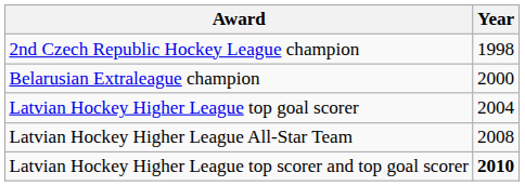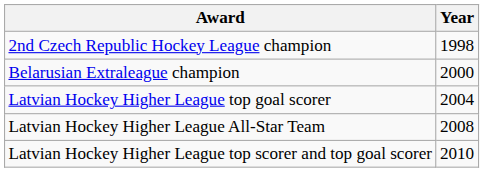 <table class="wikitable">
 <tr>
 <th>Award</th>
 <th>Year</th>
 </tr>
 <tr>
 <td><a href='#'>2nd Czech Republic Hockey League</a> champion</td>
 <td>1998</td>
 </tr>
 <tr>
 <td><a href='#'>Belarusian Extraleague</a> champion</td>
 <td>2000</td>
 </tr>
 <tr>
 <td><a href='#'>Latvian Hockey Higher League</a> top goal scorer</td>
 <td>2004</td>
 </tr>
 <tr>
 <td>Latvian Hockey Higher League All-Star Team</td>
 <td>2008</td>
 </tr>
 <tr>
 <td>Latvian Hockey Higher League top scorer and top goal scorer</td>
-<td><strong>2010</strong></td>
+<td>2010</td>
 </tr>
 </table>
